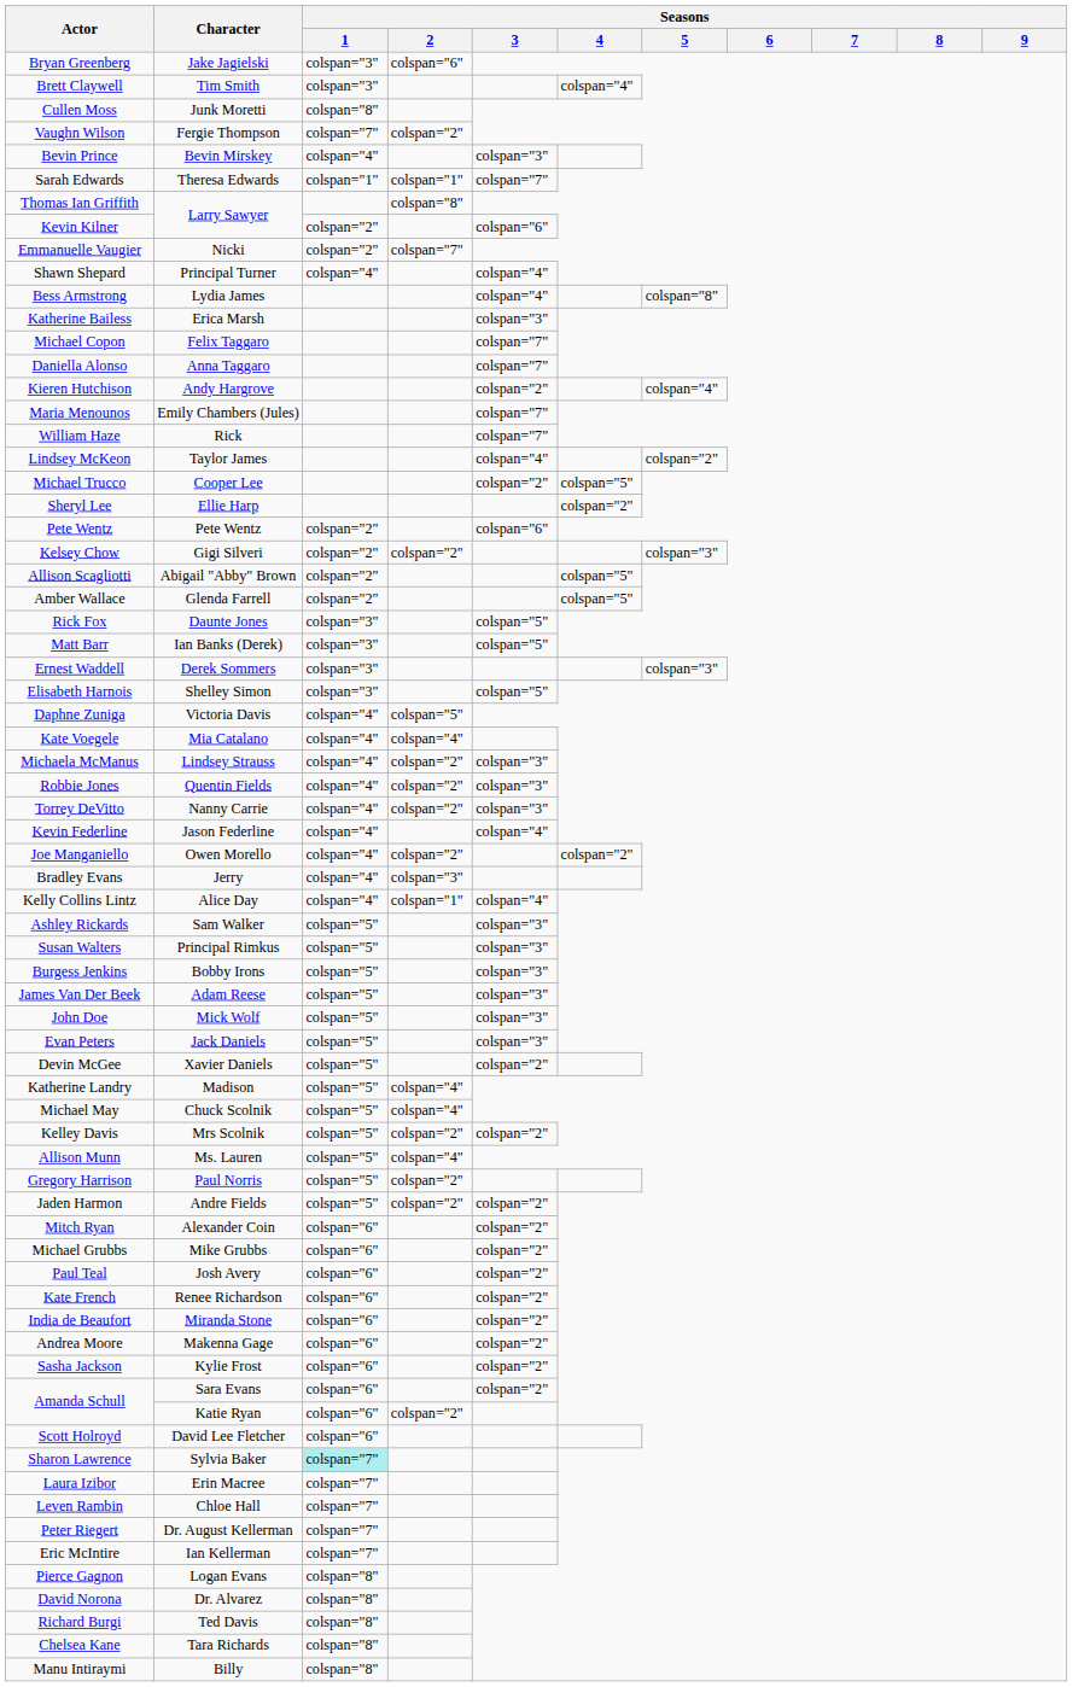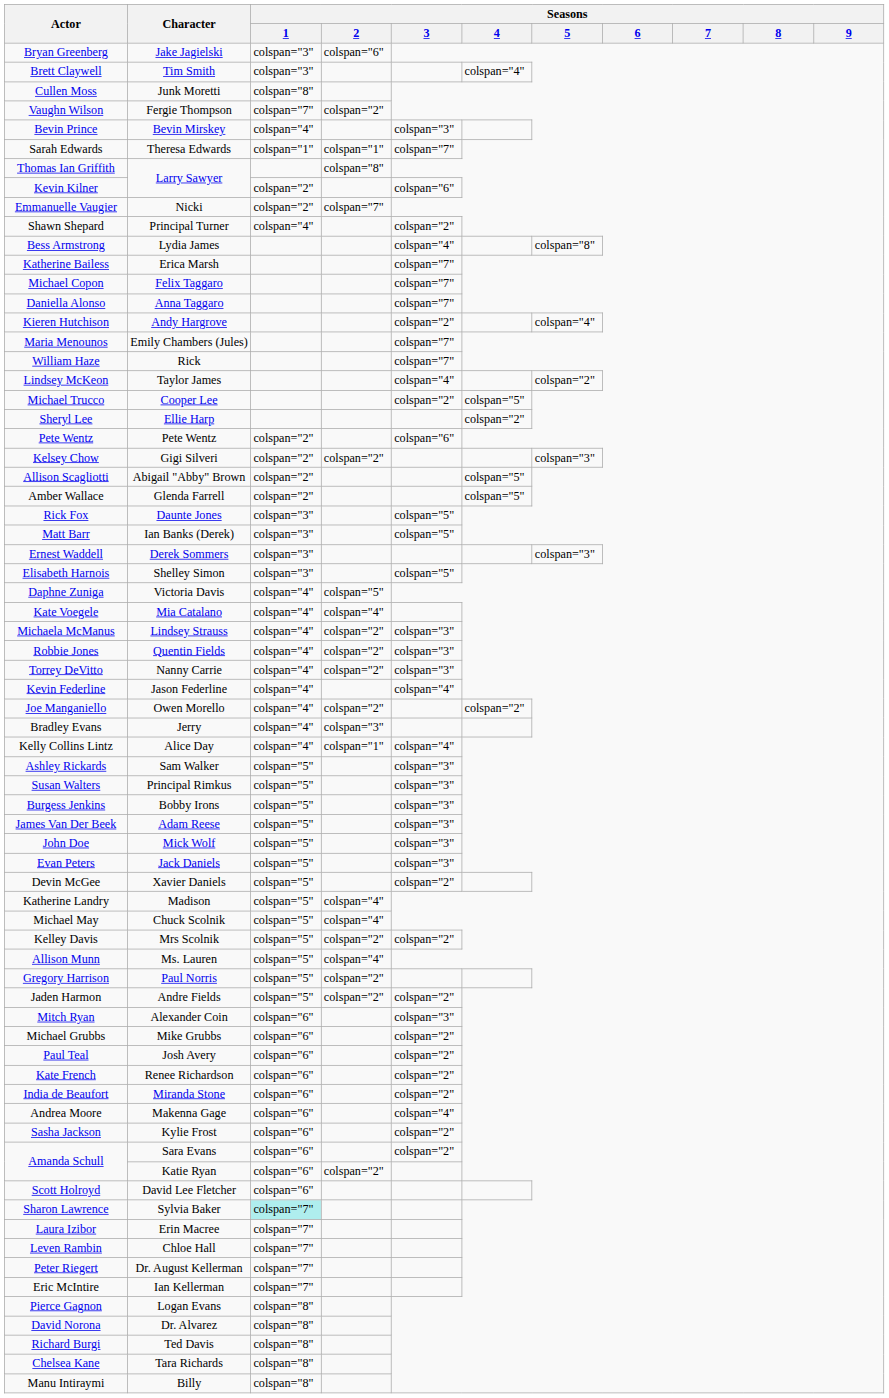 <table class="wikitable plainrowheaders">
 <tr>
 <th scope="col" rowspan="2" style="width:14%;">Actor</th>
 <th scope="col" rowspan="2" style="width:14%;">Character</th>
 <th scope="col" colspan="9">Seasons</th>
 </tr>
 <tr>
 <th scope="col" style="width:8%;"><a href='#'>1</a></th>
 <th scope="col" style="width:8%;"><a href='#'>2</a></th>
 <th scope="col" style="width:8%;"><a href='#'>3</a></th>
 <th scope="col" style="width:8%;"><a href='#'>4</a></th>
 <th scope="col" style="width:8%;"><a href='#'>5</a></th>
 <th scope="col" style="width:8%;"><a href='#'>6</a></th>
 <th scope="col" style="width:8%;"><a href='#'>7</a></th>
 <th scope="col" style="width:8%;"><a href='#'>8</a></th>
 <th scope="col" style="width:8%;"><a href='#'>9</a></th>
 </tr>
 <tr>
 <td style="text-align: center;"><a href='#'>Bryan Greenberg</a></td>
 <td style="text-align: center;"><a href='#'>Jake Jagielski</a></td>
 <td>colspan="3" </td>
 <td>colspan="6" </td>
 </tr>
 <tr>
 <td style="text-align: center;"><a href='#'>Brett Claywell</a></td>
 <td style="text-align: center;"><a href='#'>Tim Smith</a></td>
 <td>colspan="3" </td>
 <td></td>
 <td></td>
 <td>colspan="4" </td>
 </tr>
 <tr>
 <td style="text-align: center;"><a href='#'>Cullen Moss</a></td>
 <td style="text-align: center;">Junk Moretti</td>
 <td>colspan="8" </td>
 <td></td>
 </tr>
 <tr>
 <td style="text-align: center;"><a href='#'>Vaughn Wilson</a></td>
 <td style="text-align: center;">Fergie Thompson</td>
 <td>colspan="7" </td>
 <td>colspan="2" </td>
 </tr>
 <tr>
 <td style="text-align: center;"><a href='#'>Bevin Prince</a></td>
 <td style="text-align: center;"><a href='#'>Bevin Mirskey</a></td>
 <td>colspan="4" </td>
 <td></td>
 <td>colspan="3" </td>
 <td></td>
 </tr>
 <tr>
 <td style="text-align: center;">Sarah Edwards</td>
 <td style="text-align: center;">Theresa Edwards</td>
 <td>colspan="1" </td>
 <td>colspan="1" </td>
 <td>colspan="7" </td>
 </tr>
 <tr>
 <td style="text-align:center;"><a href='#'>Thomas Ian Griffith</a></td>
 <td style="text-align:center;" rowspan="2"><a href='#'>Larry Sawyer</a></td>
 <td></td>
 <td>colspan="8" </td>
 </tr>
 <tr>
 <td style="text-align:center;"><a href='#'>Kevin Kilner</a></td>
 <td>colspan="2" </td>
 <td></td>
 <td>colspan="6" </td>
 </tr>
 <tr>
 <td style="text-align: center;"><a href='#'>Emmanuelle Vaugier</a></td>
 <td style="text-align: center;">Nicki</td>
 <td>colspan="2" </td>
 <td>colspan="7" </td>
 </tr>
 <tr>
 <td style="text-align: center;">Shawn Shepard</td>
 <td style="text-align: center;">Principal Turner</td>
 <td>colspan="4" </td>
 <td></td>
-<td>colspan="4" </td>
+<td>colspan="2" </td>
 </tr>
 <tr>
 <td style="text-align: center;"><a href='#'>Bess Armstrong</a></td>
 <td style="text-align: center;">Lydia James</td>
 <td></td>
 <td></td>
 <td>colspan="4" </td>
 <td></td>
 <td>colspan="8" </td>
 </tr>
 <tr>
 <td style="text-align: center;"><a href='#'>Katherine Bailess</a></td>
 <td style="text-align: center;">Erica Marsh</td>
 <td></td>
 <td></td>
-<td>colspan="3" </td>
+<td>colspan="7" </td>
 </tr>
 <tr>
 <td style="text-align: center;"><a href='#'>Michael Copon</a></td>
 <td style="text-align: center;"><a href='#'>Felix Taggaro</a></td>
 <td></td>
 <td></td>
 <td>colspan="7" </td>
 </tr>
 <tr>
 <td style="text-align: center;"><a href='#'>Daniella Alonso</a></td>
 <td style="text-align: center;"><a href='#'>Anna Taggaro</a></td>
 <td></td>
 <td></td>
 <td>colspan="7" </td>
 </tr>
 <tr>
 <td style="text-align: center;"><a href='#'>Kieren Hutchison</a></td>
 <td style="text-align: center;"><a href='#'>Andy Hargrove</a></td>
 <td></td>
 <td></td>
 <td>colspan="2" </td>
 <td></td>
 <td>colspan="4" </td>
 </tr>
 <tr>
 <td style="text-align: center;"><a href='#'>Maria Menounos</a></td>
 <td style="text-align: center;" nowrap>Emily Chambers (Jules)</td>
 <td></td>
 <td></td>
 <td>colspan="7" </td>
 </tr>
 <tr>
 <td style="text-align: center;"><a href='#'>William Haze</a></td>
 <td style="text-align: center;">Rick</td>
 <td></td>
 <td></td>
 <td>colspan="7" </td>
 </tr>
 <tr>
 <td style="text-align: center;"><a href='#'>Lindsey McKeon</a></td>
 <td style="text-align: center;">Taylor James</td>
 <td></td>
 <td></td>
 <td>colspan="4" </td>
 <td></td>
 <td>colspan="2" </td>
 </tr>
 <tr>
 <td style="text-align: center;"><a href='#'>Michael Trucco</a></td>
 <td style="text-align: center;"><a href='#'>Cooper Lee</a></td>
 <td></td>
 <td></td>
 <td>colspan="2" </td>
 <td>colspan="5" </td>
 </tr>
 <tr>
 <td style="text-align: center;"><a href='#'>Sheryl Lee</a></td>
 <td style="text-align: center;"><a href='#'>Ellie Harp</a></td>
 <td></td>
 <td></td>
 <td></td>
 <td>colspan="2" </td>
 </tr>
 <tr>
 <td style="text-align: center;"><a href='#'>Pete Wentz</a></td>
 <td style="text-align: center;">Pete Wentz</td>
 <td>colspan="2" </td>
 <td></td>
 <td>colspan="6" </td>
 </tr>
 <tr>
 <td style="text-align: center;"><a href='#'>Kelsey Chow</a></td>
 <td style="text-align: center;">Gigi Silveri</td>
 <td>colspan="2" </td>
 <td>colspan="2" </td>
 <td></td>
 <td></td>
 <td>colspan="3" </td>
 </tr>
 <tr>
 <td style="text-align: center;"><a href='#'>Allison Scagliotti</a></td>
 <td style="text-align: center;">Abigail "Abby" Brown</td>
 <td>colspan="2" </td>
 <td></td>
 <td></td>
 <td>colspan="5" </td>
 </tr>
 <tr>
 <td style="text-align: center;">Amber Wallace</td>
 <td style="text-align: center;">Glenda Farrell</td>
 <td>colspan="2" </td>
 <td></td>
 <td></td>
 <td>colspan="5" </td>
 </tr>
 <tr>
 <td style="text-align: center;"><a href='#'>Rick Fox</a></td>
 <td style="text-align: center;"><a href='#'>Daunte Jones</a></td>
 <td>colspan="3" </td>
 <td></td>
 <td>colspan="5" </td>
 </tr>
 <tr>
 <td style="text-align: center;"><a href='#'>Matt Barr</a></td>
 <td style="text-align: center;">Ian Banks (Derek)</td>
 <td>colspan="3" </td>
 <td></td>
 <td>colspan="5" </td>
 </tr>
 <tr>
 <td style="text-align: center;"><a href='#'>Ernest Waddell</a></td>
 <td style="text-align: center;"><a href='#'>Derek Sommers</a></td>
 <td>colspan="3" </td>
 <td></td>
 <td></td>
 <td></td>
 <td>colspan="3" </td>
 </tr>
 <tr>
 <td style="text-align: center;"><a href='#'>Elisabeth Harnois</a></td>
 <td style="text-align: center;">Shelley Simon</td>
 <td>colspan="3" </td>
 <td></td>
 <td>colspan="5" </td>
 </tr>
 <tr>
 <td style="text-align: center;"><a href='#'>Daphne Zuniga</a></td>
 <td style="text-align: center;">Victoria Davis</td>
 <td>colspan="4" </td>
 <td>colspan="5" </td>
 </tr>
 <tr>
 <td style="text-align: center;"><a href='#'>Kate Voegele</a></td>
 <td style="text-align: center;"><a href='#'>Mia Catalano</a></td>
 <td>colspan="4" </td>
 <td>colspan="4" </td>
 <td></td>
 </tr>
 <tr>
 <td style="text-align: center;"><a href='#'>Michaela McManus</a></td>
 <td style="text-align: center;"><a href='#'>Lindsey Strauss</a></td>
 <td>colspan="4" </td>
 <td>colspan="2" </td>
 <td>colspan="3" </td>
 </tr>
 <tr>
 <td style="text-align: center;"><a href='#'>Robbie Jones</a></td>
 <td style="text-align: center;"><a href='#'>Quentin Fields</a></td>
 <td>colspan="4" </td>
 <td>colspan="2" </td>
 <td>colspan="3" </td>
 </tr>
 <tr>
 <td style="text-align: center;"><a href='#'>Torrey DeVitto</a></td>
 <td style="text-align: center;">Nanny Carrie</td>
 <td>colspan="4" </td>
 <td>colspan="2" </td>
 <td>colspan="3" </td>
 </tr>
 <tr>
 <td style="text-align: center;"><a href='#'>Kevin Federline</a></td>
 <td style="text-align: center;">Jason Federline</td>
 <td>colspan="4" </td>
 <td></td>
 <td>colspan="4" </td>
 </tr>
 <tr>
 <td style="text-align: center;"><a href='#'>Joe Manganiello</a></td>
 <td style="text-align: center;">Owen Morello</td>
 <td>colspan="4" </td>
 <td>colspan="2" </td>
 <td></td>
 <td>colspan="2" </td>
 </tr>
 <tr>
 <td style="text-align: center;">Bradley Evans</td>
 <td style="text-align: center;">Jerry</td>
 <td>colspan="4" </td>
 <td>colspan="3" </td>
 <td></td>
 <td></td>
 </tr>
 <tr>
 <td style="text-align: center;">Kelly Collins Lintz</td>
 <td style="text-align: center;">Alice Day</td>
 <td>colspan="4" </td>
 <td>colspan="1" </td>
 <td>colspan="4" </td>
 </tr>
 <tr>
 <td style="text-align: center;"><a href='#'>Ashley Rickards</a></td>
 <td style="text-align: center;">Sam Walker</td>
 <td>colspan="5" </td>
 <td></td>
 <td>colspan="3" </td>
 </tr>
 <tr>
 <td style="text-align: center;"><a href='#'>Susan Walters</a></td>
 <td style="text-align: center;">Principal Rimkus</td>
 <td>colspan="5" </td>
 <td></td>
 <td>colspan="3" </td>
 </tr>
 <tr>
 <td style="text-align: center;"><a href='#'>Burgess Jenkins</a></td>
 <td style="text-align: center;">Bobby Irons</td>
 <td>colspan="5" </td>
 <td></td>
 <td>colspan="3" </td>
 </tr>
 <tr>
 <td style="text-align: center;" nowrap><a href='#'>James Van Der Beek</a></td>
 <td style="text-align: center;"><a href='#'>Adam Reese</a></td>
 <td>colspan="5" </td>
 <td></td>
 <td>colspan="3" </td>
 </tr>
 <tr>
 <td style="text-align: center;"><a href='#'>John Doe</a></td>
 <td style="text-align: center;"><a href='#'>Mick Wolf</a></td>
 <td>colspan="5" </td>
 <td></td>
 <td>colspan="3" </td>
 </tr>
 <tr>
 <td style="text-align: center;"><a href='#'>Evan Peters</a></td>
 <td style="text-align: center;"><a href='#'>Jack Daniels</a></td>
 <td>colspan="5" </td>
 <td></td>
 <td>colspan="3" </td>
 </tr>
 <tr>
 <td style="text-align: center;">Devin McGee</td>
 <td style="text-align: center;">Xavier Daniels</td>
 <td>colspan="5" </td>
 <td></td>
 <td>colspan="2" </td>
 <td></td>
 </tr>
 <tr>
 <td style="text-align: center;">Katherine Landry</td>
 <td style="text-align: center;">Madison</td>
 <td>colspan="5" </td>
 <td>colspan="4" </td>
 </tr>
 <tr>
 <td style="text-align: center;">Michael May</td>
 <td style="text-align: center;">Chuck Scolnik</td>
 <td>colspan="5" </td>
 <td>colspan="4" </td>
 </tr>
 <tr>
 <td style="text-align: center;">Kelley Davis</td>
 <td style="text-align: center;">Mrs Scolnik</td>
 <td>colspan="5" </td>
 <td>colspan="2" </td>
 <td>colspan="2" </td>
 </tr>
 <tr>
 <td style="text-align: center;"><a href='#'>Allison Munn</a></td>
 <td style="text-align: center;">Ms. Lauren</td>
 <td>colspan="5" </td>
 <td>colspan="4" </td>
 </tr>
 <tr>
 <td style="text-align: center;"><a href='#'>Gregory Harrison</a></td>
 <td style="text-align: center;"><a href='#'>Paul Norris</a></td>
 <td>colspan="5" </td>
 <td>colspan="2" </td>
 <td></td>
 <td></td>
 </tr>
 <tr>
 <td style="text-align: center;">Jaden Harmon</td>
 <td style="text-align: center;">Andre Fields</td>
 <td>colspan="5" </td>
 <td>colspan="2" </td>
 <td>colspan="2" </td>
 </tr>
 <tr>
 <td style="text-align: center;"><a href='#'>Mitch Ryan</a></td>
 <td style="text-align: center;">Alexander Coin</td>
 <td>colspan="6" </td>
 <td></td>
-<td>colspan="2" </td>
+<td>colspan="3" </td>
 </tr>
 <tr>
 <td style="text-align: center;">Michael Grubbs</td>
 <td style="text-align: center;">Mike Grubbs</td>
 <td>colspan="6" </td>
 <td></td>
 <td>colspan="2" </td>
 </tr>
 <tr>
 <td style="text-align: center;"><a href='#'>Paul Teal</a></td>
 <td style="text-align: center;">Josh Avery</td>
 <td>colspan="6" </td>
 <td></td>
 <td>colspan="2" </td>
 </tr>
 <tr>
 <td style="text-align: center;"><a href='#'>Kate French</a></td>
 <td style="text-align: center;">Renee Richardson</td>
 <td>colspan="6" </td>
 <td></td>
 <td>colspan="2" </td>
 </tr>
 <tr>
 <td style="text-align: center;"><a href='#'>India de Beaufort</a></td>
 <td style="text-align: center;"><a href='#'>Miranda Stone</a></td>
 <td>colspan="6" </td>
 <td></td>
 <td>colspan="2" </td>
 </tr>
 <tr>
 <td style="text-align: center;">Andrea Moore</td>
 <td style="text-align: center;">Makenna Gage</td>
 <td>colspan="6" </td>
 <td></td>
-<td>colspan="2" </td>
+<td>colspan="4" </td>
 </tr>
 <tr>
 <td style="text-align: center;"><a href='#'>Sasha Jackson</a></td>
 <td style="text-align: center;">Kylie Frost</td>
 <td>colspan="6" </td>
 <td></td>
 <td>colspan="2" </td>
 </tr>
 <tr>
 <td rowspan="2" style="text-align: center;"><a href='#'>Amanda Schull</a></td>
 <td style="text-align: center;">Sara Evans</td>
 <td>colspan="6" </td>
 <td></td>
 <td>colspan="2" </td>
 </tr>
 <tr>
 <td style="text-align: center;">Katie Ryan</td>
 <td>colspan="6" </td>
 <td>colspan="2" </td>
 <td></td>
 </tr>
 <tr>
 <td style="text-align: center;"><a href='#'>Scott Holroyd</a></td>
 <td style="text-align: center;">David Lee Fletcher</td>
 <td>colspan="6" </td>
 <td></td>
 <td></td>
 <td></td>
 </tr>
 <tr>
 <td style="text-align: center;"><a href='#'>Sharon Lawrence</a></td>
 <td style="text-align: center;">Sylvia Baker</td>
 <td style="background: paleturquoise;">colspan="7" </td>
 <td></td>
 <td></td>
 </tr>
 <tr>
 <td style="text-align: center;"><a href='#'>Laura Izibor</a></td>
 <td style="text-align: center;">Erin Macree</td>
 <td>colspan="7" </td>
 <td></td>
 <td></td>
 </tr>
 <tr>
 <td style="text-align: center;"><a href='#'>Leven Rambin</a></td>
 <td style="text-align: center;">Chloe Hall</td>
 <td>colspan="7" </td>
 <td></td>
 <td></td>
 </tr>
 <tr>
 <td style="text-align: center;"><a href='#'>Peter Riegert</a></td>
 <td style="text-align: center;">Dr. August Kellerman</td>
 <td>colspan="7" </td>
 <td></td>
 <td></td>
 </tr>
 <tr>
 <td style="text-align: center;">Eric McIntire</td>
 <td style="text-align: center;">Ian Kellerman</td>
 <td>colspan="7" </td>
 <td></td>
 <td></td>
 </tr>
 <tr>
 <td style="text-align: center;"><a href='#'>Pierce Gagnon</a></td>
 <td style="text-align: center;">Logan Evans</td>
 <td>colspan="8" </td>
 <td></td>
 </tr>
 <tr>
 <td style="text-align: center;"><a href='#'>David Norona</a></td>
 <td style="text-align: center;">Dr. Alvarez</td>
 <td>colspan="8" </td>
 <td></td>
 </tr>
 <tr>
 <td style="text-align: center;"><a href='#'>Richard Burgi</a></td>
 <td style="text-align: center;">Ted Davis</td>
 <td>colspan="8" </td>
 <td></td>
 </tr>
 <tr>
 <td style="text-align: center;"><a href='#'>Chelsea Kane</a></td>
 <td style="text-align: center;">Tara Richards</td>
 <td>colspan="8" </td>
 <td></td>
 </tr>
 <tr>
 <td style="text-align: center;">Manu Intiraymi</td>
 <td style="text-align: center;">Billy</td>
 <td>colspan="8" </td>
 <td></td>
 </tr>
 </table>
